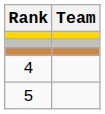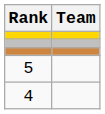 <table class="wikitable">
 <tr>
 <th>Rank</th>
 <th>Team</th>
 </tr>
 <tr style="background:gold;">
 <td align=center></td>
 <td></td>
 </tr>
 <tr style="background:silver;">
 <td align=center></td>
 <td></td>
 </tr>
 <tr style="background:peru;">
 <td align=center></td>
 <td></td>
 </tr>
 <tr>
+<td align=center>5</td>
+<td></td>
+</tr>
+<tr>
 <td align=center>4</td>
 <td></td>
 </tr>
-<tr>
-<td align=center>5</td>
-<td></td>
-</tr>
 </table>
